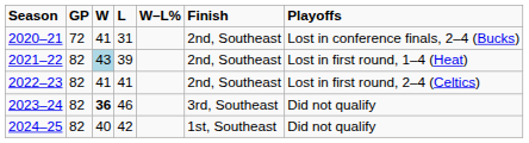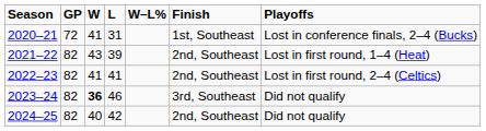 <table class="wikitable">
 <tr style="font-weight:bold; ">
 <td>Season</td>
 <td>GP</td>
 <td>W</td>
 <td>L</td>
 <td>W–L%</td>
 <td>Finish</td>
 <td>Playoffs</td>
 </tr>
 <tr>
 <td><a href='#'>2020–21</a></td>
 <td>72</td>
 <td>41</td>
 <td>31</td>
 <td></td>
-<td>2nd, Southeast</td>
+<td>1st, Southeast</td>
 <td>Lost in conference finals, 2–4 (<a href='#'>Bucks</a>)</td>
 </tr>
 <tr>
 <td><a href='#'>2021–22</a></td>
 <td>82</td>
-<td style="background: lightblue;">43</td>
+<td>43</td>
 <td>39</td>
 <td></td>
 <td>2nd, Southeast</td>
 <td>Lost in first round, 1–4 (<a href='#'>Heat</a>)</td>
 </tr>
 <tr>
 <td><a href='#'>2022–23</a></td>
 <td>82</td>
 <td>41</td>
 <td>41</td>
 <td></td>
 <td>2nd, Southeast</td>
 <td>Lost in first round, 2–4 (<a href='#'>Celtics</a>)</td>
 </tr>
 <tr>
 <td><a href='#'>2023–24</a></td>
 <td>82</td>
 <td><strong>36</strong></td>
 <td>46</td>
 <td></td>
 <td>3rd, Southeast</td>
 <td>Did not qualify</td>
 </tr>
 <tr>
 <td><a href='#'>2024–25</a></td>
 <td>82</td>
 <td>40</td>
 <td>42</td>
 <td></td>
-<td>1st, Southeast</td>
+<td>2nd, Southeast</td>
 <td>Did not qualify</td>
 </tr>
 </table>
